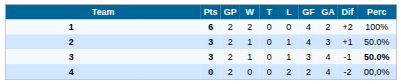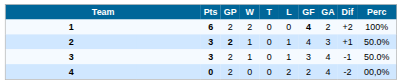 <table align=center cellpadding="4" cellspacing="0" style="background: #f9f9f9; border: 1px #aaa solid; border-collapse: collapse; font-size: 90%;" width=50%>
 <tr align=center bgcolor=#006699 style="color:white;">
 <th width=50% colspan=2>Team</th>
 <th width=5%>Pts</th>
 <th width=5%>GP</th>
 <th width=5%>W</th>
 <th width=5%>T</th>
 <th width=5%>L</th>
 <th width=5%>GF</th>
 <th width=5%>GA</th>
 <th width=5%>Dif</th>
 <th width=10%>Perc</th>
 </tr>
 <tr align=center bgcolor=#F5FAFF>
 <td><strong>1</strong></td>
 <td align=left></td>
 <td><strong>6</strong></td>
 <td>2</td>
 <td>2</td>
 <td>0</td>
 <td>0</td>
-<td>4</td>
+<td><strong>4</strong></td>
 <td>2</td>
 <td>+2</td>
 <td>100%</td>
 </tr>
 <tr align=center bgcolor=#D0E7FF>
 <td><strong>2</strong></td>
 <td align=left></td>
 <td><strong>3</strong></td>
-<td>2</td>
+<td><strong>2</strong></td>
 <td>1</td>
 <td>0</td>
 <td>1</td>
 <td>4</td>
 <td>3</td>
 <td>+1</td>
 <td>50.0%</td>
 </tr>
 <tr align=center bgcolor=#F5FAFF>
 <td><strong>3</strong></td>
 <td align=left></td>
 <td><strong>3</strong></td>
 <td>2</td>
 <td>1</td>
 <td>0</td>
 <td>1</td>
 <td>3</td>
 <td>4</td>
 <td>-1</td>
-<td><strong>50.0%</strong></td>
+<td>50.0%</td>
 </tr>
 <tr align=center bgcolor=#D0E7FF>
 <td><strong>4</strong></td>
 <td align=left></td>
 <td><strong>0</strong></td>
 <td>2</td>
 <td>0</td>
 <td>0</td>
 <td>2</td>
 <td>2</td>
 <td>4</td>
 <td>-2</td>
 <td>00,0%</td>
 </tr>
 <tr align=center bgcolor=#F5FAFF>
 </tr>
 </table>
